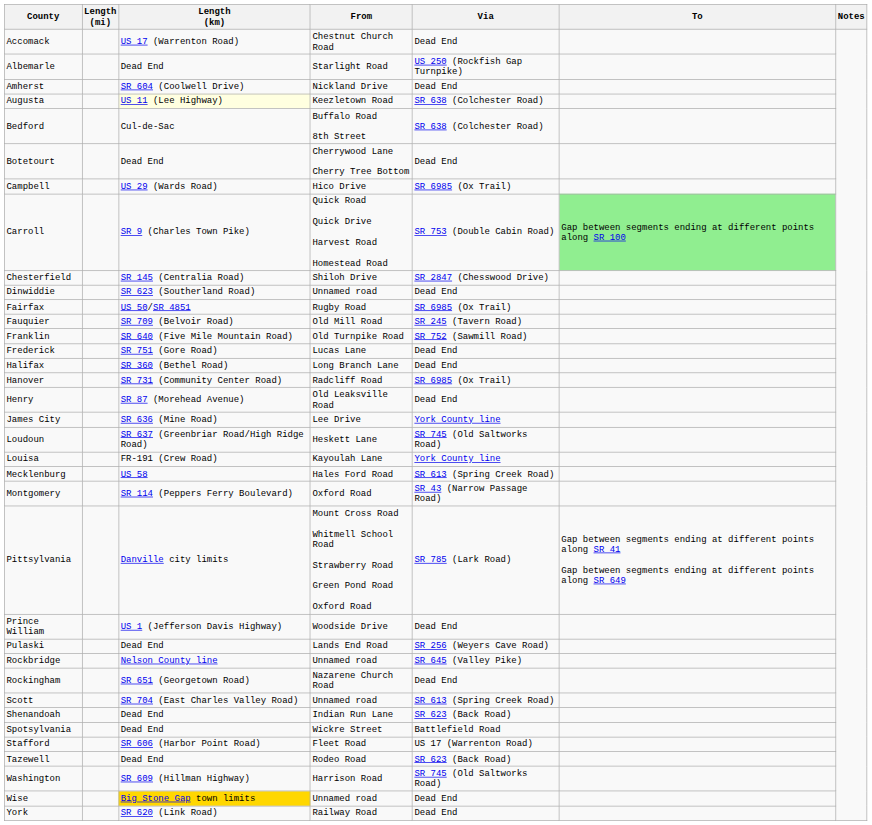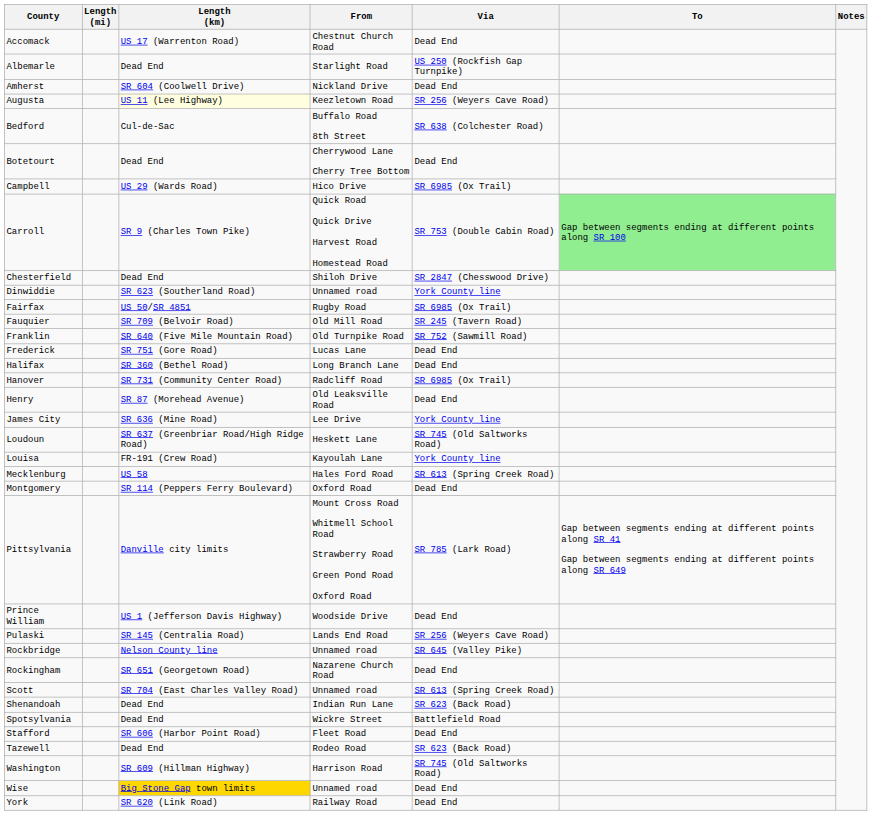 <table class="wikitable sortable">
 <tr>
 <th>County</th>
 <th>Length<br>(mi)</th>
 <th>Length<br>(km)</th>
 <th class="unsortable">From</th>
 <th class="unsortable">Via</th>
 <th class="unsortable">To</th>
 <th class="unsortable">Notes</th>
 </tr>
 <tr>
 <td id="Accomack">Accomack</td>
 <td></td>
 <td><a href='#'>US 17</a> (Warrenton Road)</td>
 <td>Chestnut Church Road</td>
 <td>Dead End</td>
 <td></td>
 </tr>
 <tr>
 <td id="Albemarle">Albemarle</td>
 <td></td>
 <td>Dead End</td>
 <td>Starlight Road</td>
 <td><a href='#'>US 250</a> (Rockfish Gap Turnpike)</td>
 <td><br> </td>
 </tr>
 <tr>
 <td id="Amherst">Amherst</td>
 <td></td>
 <td><a href='#'>SR 604</a> (Coolwell Drive)</td>
 <td>Nickland Drive</td>
 <td>Dead End</td>
 <td><br> </td>
 </tr>
 <tr>
 <td id="Augusta">Augusta</td>
 <td></td>
 <td style="background: lightyellow;"><a href='#'>US 11</a> (Lee Highway)</td>
 <td>Keezletown Road</td>
-<td><a href='#'>SR 638</a> (Colchester Road)</td>
+<td><a href='#'>SR 256</a> (Weyers Cave Road)</td>
 <td><br></td>
 </tr>
 <tr>
 <td id="Bedford">Bedford</td>
 <td></td>
 <td>Cul-de-Sac</td>
 <td>Buffalo Road<br><br>8th Street</td>
 <td><a href='#'>SR 638</a> (Colchester Road)</td>
 <td><br></td>
 </tr>
 <tr>
 <td id="Botetourt">Botetourt</td>
 <td></td>
 <td>Dead End</td>
 <td>Cherrywood Lane<br><br>Cherry Tree Bottom</td>
 <td>Dead End</td>
 <td><br>  </td>
 </tr>
 <tr>
 <td id="Campbell">Campbell</td>
 <td></td>
 <td><a href='#'>US 29</a> (Wards Road)</td>
 <td>Hico Drive</td>
 <td><a href='#'>SR 6985</a> (Ox Trail)</td>
 <td><br></td>
 </tr>
 <tr>
 <td id="Carroll">Carroll</td>
 <td></td>
 <td><a href='#'>SR 9</a> (Charles Town Pike)</td>
 <td>Quick Road<br><br>Quick Drive<br><br>Harvest Road<br><br>Homestead Road</td>
 <td><a href='#'>SR 753</a> (Double Cabin Road)</td>
 <td style="background: lightgreen;">Gap between segments ending at different points along <a href='#'>SR 100</a><br> </td>
 </tr>
 <tr>
 <td id="Chesterfield">Chesterfield</td>
 <td></td>
-<td><a href='#'>SR 145</a> (Centralia Road)</td>
+<td>Dead End</td>
 <td>Shiloh Drive</td>
 <td><a href='#'>SR 2847</a> (Chesswood Drive)</td>
 <td><br>    </td>
 </tr>
 <tr>
 <td id="Dinwiddie">Dinwiddie</td>
 <td></td>
 <td><a href='#'>SR 623</a> (Southerland Road)</td>
 <td>Unnamed road</td>
-<td>Dead End</td>
+<td><a href='#'>York County line</a></td>
 <td><br></td>
 </tr>
 <tr>
 <td id="Fairfax">Fairfax</td>
 <td></td>
 <td><a href='#'>US 50</a>/<a href='#'>SR 4851</a></td>
 <td>Rugby Road</td>
 <td><a href='#'>SR 6985</a> (Ox Trail)</td>
 <td></td>
 </tr>
 <tr>
 <td id="Fauquier">Fauquier</td>
 <td></td>
 <td><a href='#'>SR 709</a> (Belvoir Road)</td>
 <td>Old Mill Road</td>
 <td><a href='#'>SR 245</a> (Tavern Road)</td>
 <td><br> </td>
 </tr>
 <tr>
 <td id="Franklin">Franklin</td>
 <td></td>
 <td><a href='#'>SR 640</a> (Five Mile Mountain Road)</td>
 <td>Old Turnpike Road</td>
 <td><a href='#'>SR 752</a> (Sawmill Road)</td>
 <td></td>
 </tr>
 <tr>
 <td id="Frederick">Frederick</td>
 <td></td>
 <td><a href='#'>SR 751</a> (Gore Road)</td>
 <td>Lucas Lane</td>
 <td>Dead End</td>
 <td><br>     </td>
 </tr>
 <tr>
 <td id="Halifax">Halifax</td>
 <td></td>
 <td><a href='#'>SR 360</a> (Bethel Road)</td>
 <td>Long Branch Lane</td>
 <td>Dead End</td>
 <td></td>
 </tr>
 <tr>
 <td id="Hanover">Hanover</td>
 <td></td>
 <td><a href='#'>SR 731</a> (Community Center Road)</td>
 <td>Radcliff Road</td>
 <td><a href='#'>SR 6985</a> (Ox Trail)</td>
 <td><br></td>
 </tr>
 <tr>
 <td id="Henry">Henry</td>
 <td></td>
 <td><a href='#'>SR 87</a> (Morehead Avenue)</td>
 <td>Old Leaksville Road</td>
 <td>Dead End</td>
 <td><br> </td>
 </tr>
 <tr>
 <td id="James City">James City</td>
 <td></td>
 <td><a href='#'>SR 636</a> (Mine Road)</td>
 <td>Lee Drive</td>
 <td><a href='#'>York County line</a></td>
 <td><br>    </td>
 </tr>
 <tr>
 <td id="Loudoun">Loudoun</td>
 <td></td>
 <td><a href='#'>SR 637</a> (Greenbriar Road/High Ridge Road)</td>
 <td>Heskett Lane</td>
 <td><a href='#'>SR 745</a> (Old Saltworks Road)</td>
 <td></td>
 </tr>
 <tr>
 <td id="Louisa">Louisa</td>
 <td></td>
 <td>FR-191 (Crew Road)</td>
 <td>Kayoulah Lane</td>
 <td><a href='#'>York County line</a></td>
 <td><br>  </td>
 </tr>
 <tr>
 <td id="Mecklenburg">Mecklenburg</td>
 <td></td>
 <td><a href='#'>US 58</a></td>
 <td>Hales Ford Road</td>
 <td><a href='#'>SR 613</a> (Spring Creek Road)</td>
 <td><br></td>
 </tr>
 <tr>
 <td id="Montgomery">Montgomery</td>
 <td></td>
 <td><a href='#'>SR 114</a> (Peppers Ferry Boulevard)</td>
 <td>Oxford Road</td>
-<td><a href='#'>SR 43</a> (Narrow Passage Road)</td>
+<td>Dead End</td>
 <td><br>       </td>
 </tr>
 <tr>
 <td id="Pittsylvania">Pittsylvania</td>
 <td></td>
 <td><a href='#'>Danville</a> city limits</td>
 <td>Mount Cross Road<br><br>Whitmell School Road<br><br>Strawberry Road<br><br>Green Pond Road<br><br>Oxford Road</td>
 <td><a href='#'>SR 785</a> (Lark Road)</td>
 <td>Gap between segments ending at different points along <a href='#'>SR 41</a><br><br>Gap between segments ending at different points along <a href='#'>SR 649</a><br>  </td>
 </tr>
 <tr>
 <td id="Prince William">Prince William</td>
 <td></td>
 <td><a href='#'>US 1</a> (Jefferson Davis Highway)</td>
 <td>Woodside Drive</td>
 <td>Dead End</td>
 <td></td>
 </tr>
 <tr>
 <td id="Pulaski">Pulaski</td>
 <td></td>
-<td>Dead End</td>
+<td><a href='#'>SR 145</a> (Centralia Road)</td>
 <td>Lands End Road</td>
 <td><a href='#'>SR 256</a> (Weyers Cave Road)</td>
 <td><br>  </td>
 </tr>
 <tr>
 <td id="Rockbridge">Rockbridge</td>
 <td></td>
 <td><a href='#'>Nelson County line</a></td>
 <td>Unnamed road</td>
 <td><a href='#'>SR 645</a> (Valley Pike)</td>
 <td></td>
 </tr>
 <tr>
 <td id="Rockingham">Rockingham</td>
 <td></td>
 <td><a href='#'>SR 651</a> (Georgetown Road)</td>
 <td>Nazarene Church Road</td>
 <td>Dead End</td>
 <td><br></td>
 </tr>
 <tr>
 <td id="Scott">Scott</td>
 <td></td>
 <td><a href='#'>SR 704</a> (East Charles Valley Road)</td>
 <td>Unnamed road</td>
 <td><a href='#'>SR 613</a> (Spring Creek Road)</td>
 <td></td>
 </tr>
 <tr>
 <td id="Shenandoah">Shenandoah</td>
 <td></td>
 <td>Dead End</td>
 <td>Indian Run Lane</td>
 <td><a href='#'>SR 623</a> (Back Road)</td>
 <td><br> </td>
 </tr>
 <tr>
 <td id="Spotsylvania">Spotsylvania</td>
 <td></td>
 <td>Dead End</td>
 <td>Wickre Street</td>
 <td>Battlefield Road</td>
 <td></td>
 </tr>
 <tr>
 <td id="Stafford">Stafford</td>
 <td></td>
 <td><a href='#'>SR 606</a> (Harbor Point Road)</td>
 <td>Fleet Road</td>
-<td>US 17 (Warrenton Road)</td>
+<td>Dead End</td>
 <td><br> </td>
 </tr>
 <tr>
 <td id="Tazewell">Tazewell</td>
 <td></td>
 <td>Dead End</td>
 <td>Rodeo Road</td>
 <td><a href='#'>SR 623</a> (Back Road)</td>
 <td><br></td>
 </tr>
 <tr>
 <td id="Washington">Washington</td>
 <td></td>
 <td><a href='#'>SR 609</a> (Hillman Highway)</td>
 <td>Harrison Road</td>
 <td><a href='#'>SR 745</a> (Old Saltworks Road)</td>
 <td><br></td>
 </tr>
 <tr>
 <td id="Wise">Wise</td>
 <td></td>
 <td style="background: gold;"><a href='#'>Big Stone Gap</a> town limits</td>
 <td>Unnamed road</td>
 <td>Dead End</td>
 <td><br></td>
 </tr>
 <tr>
 <td id="York">York</td>
 <td></td>
 <td><a href='#'>SR 620</a> (Link Road)</td>
 <td>Railway Road</td>
 <td>Dead End</td>
 <td></td>
 </tr>
 </table>
